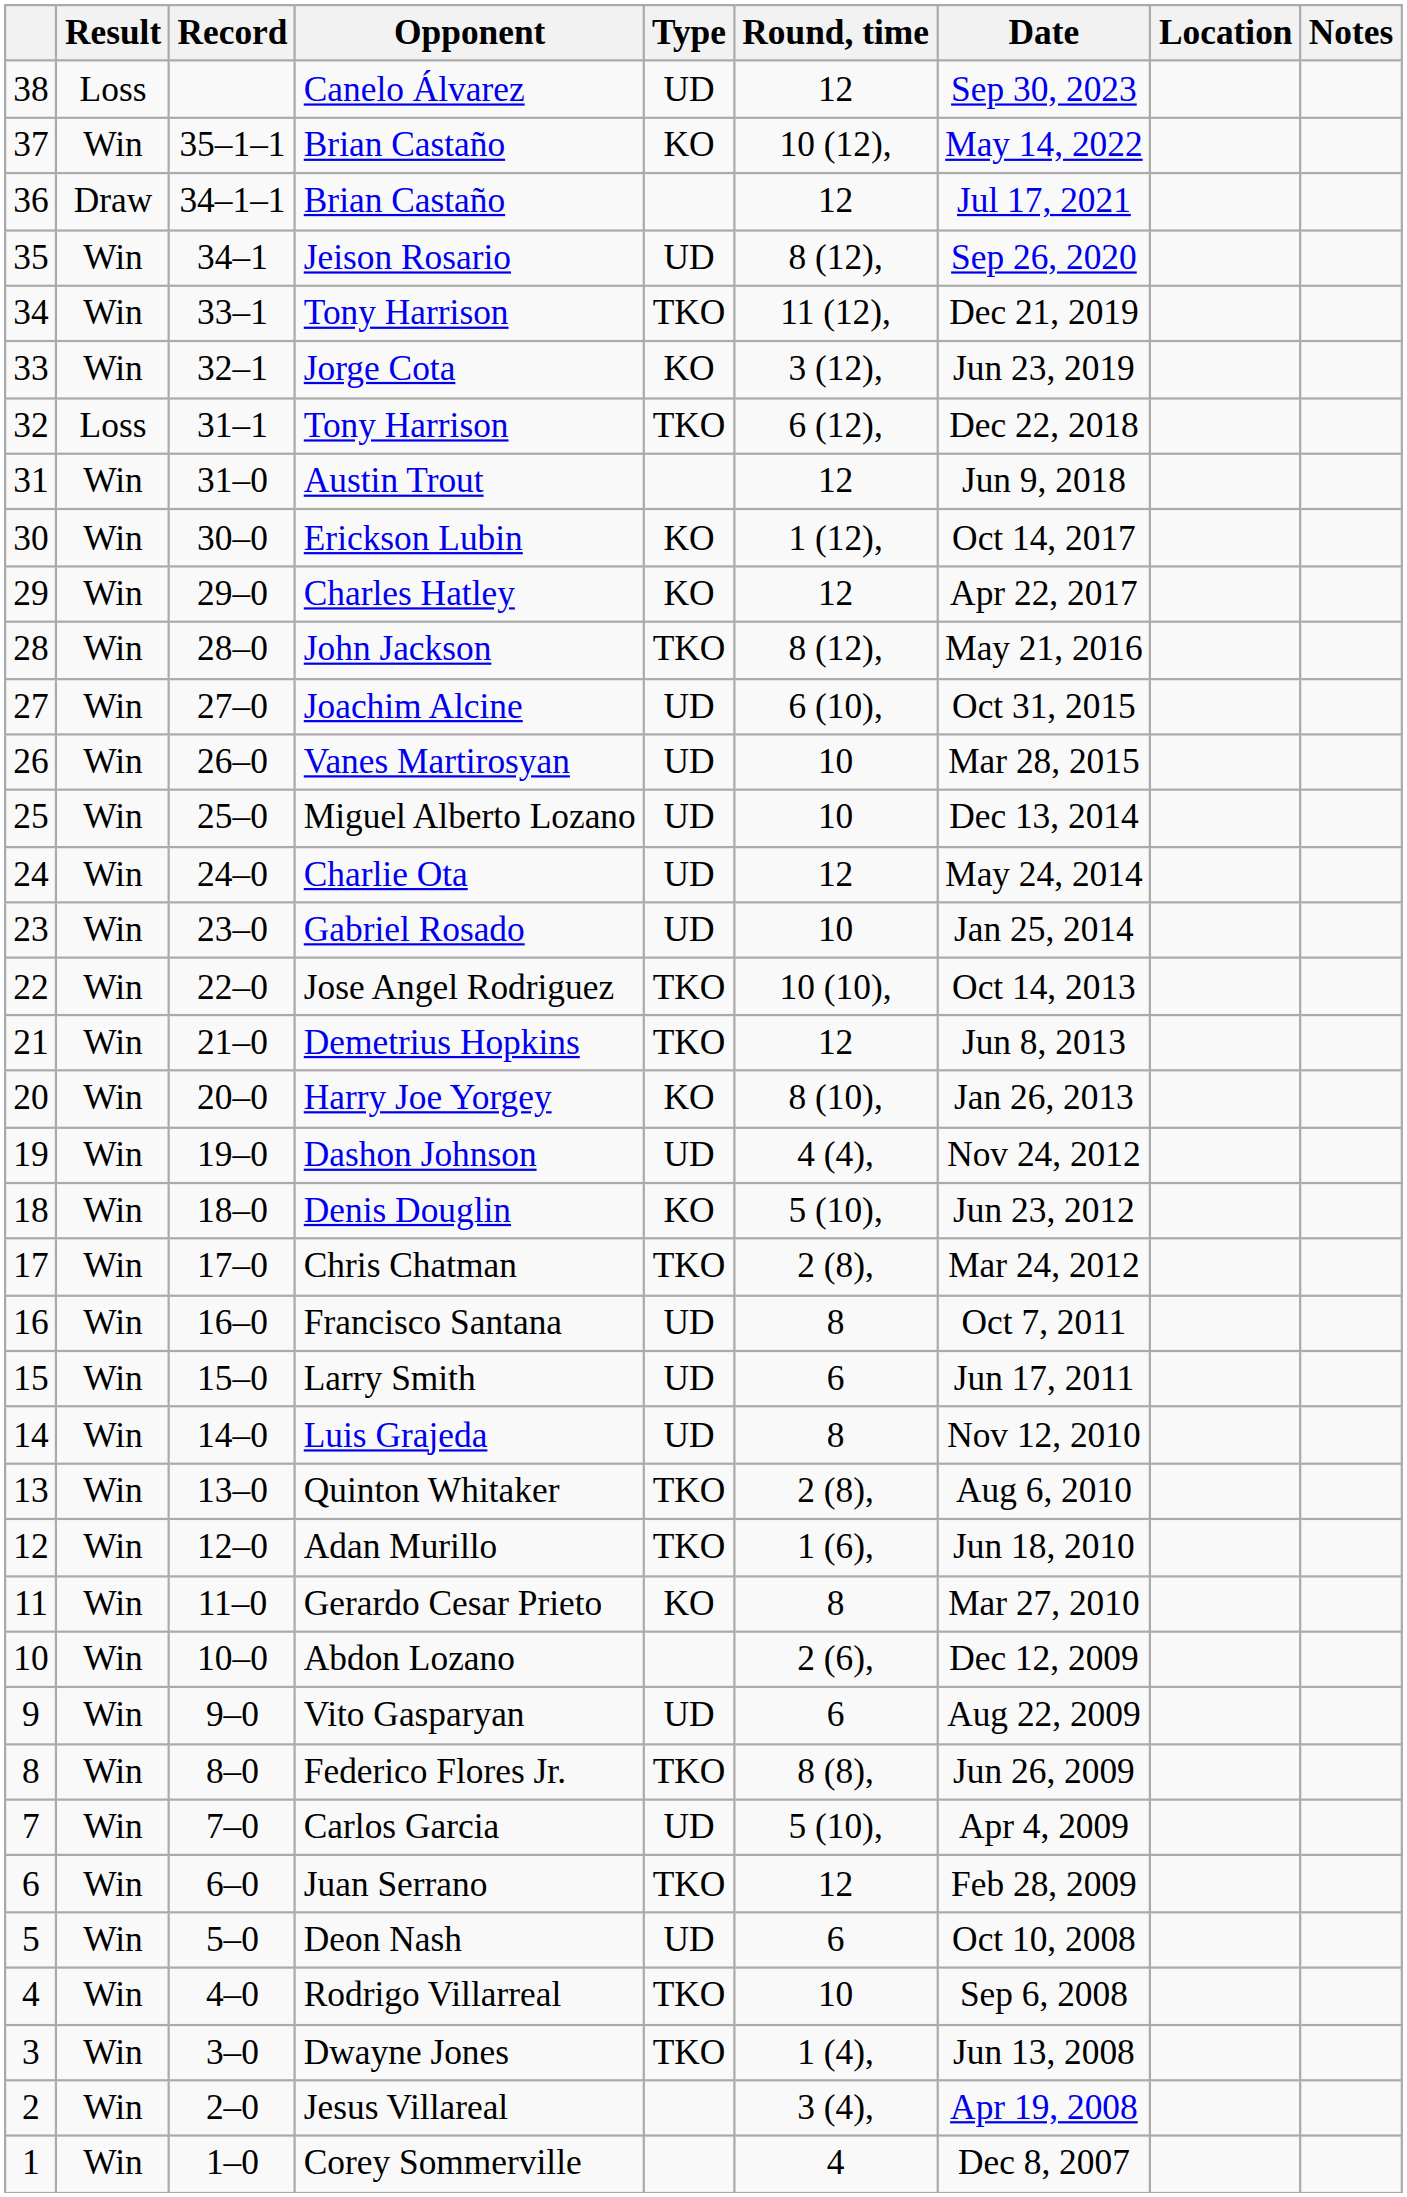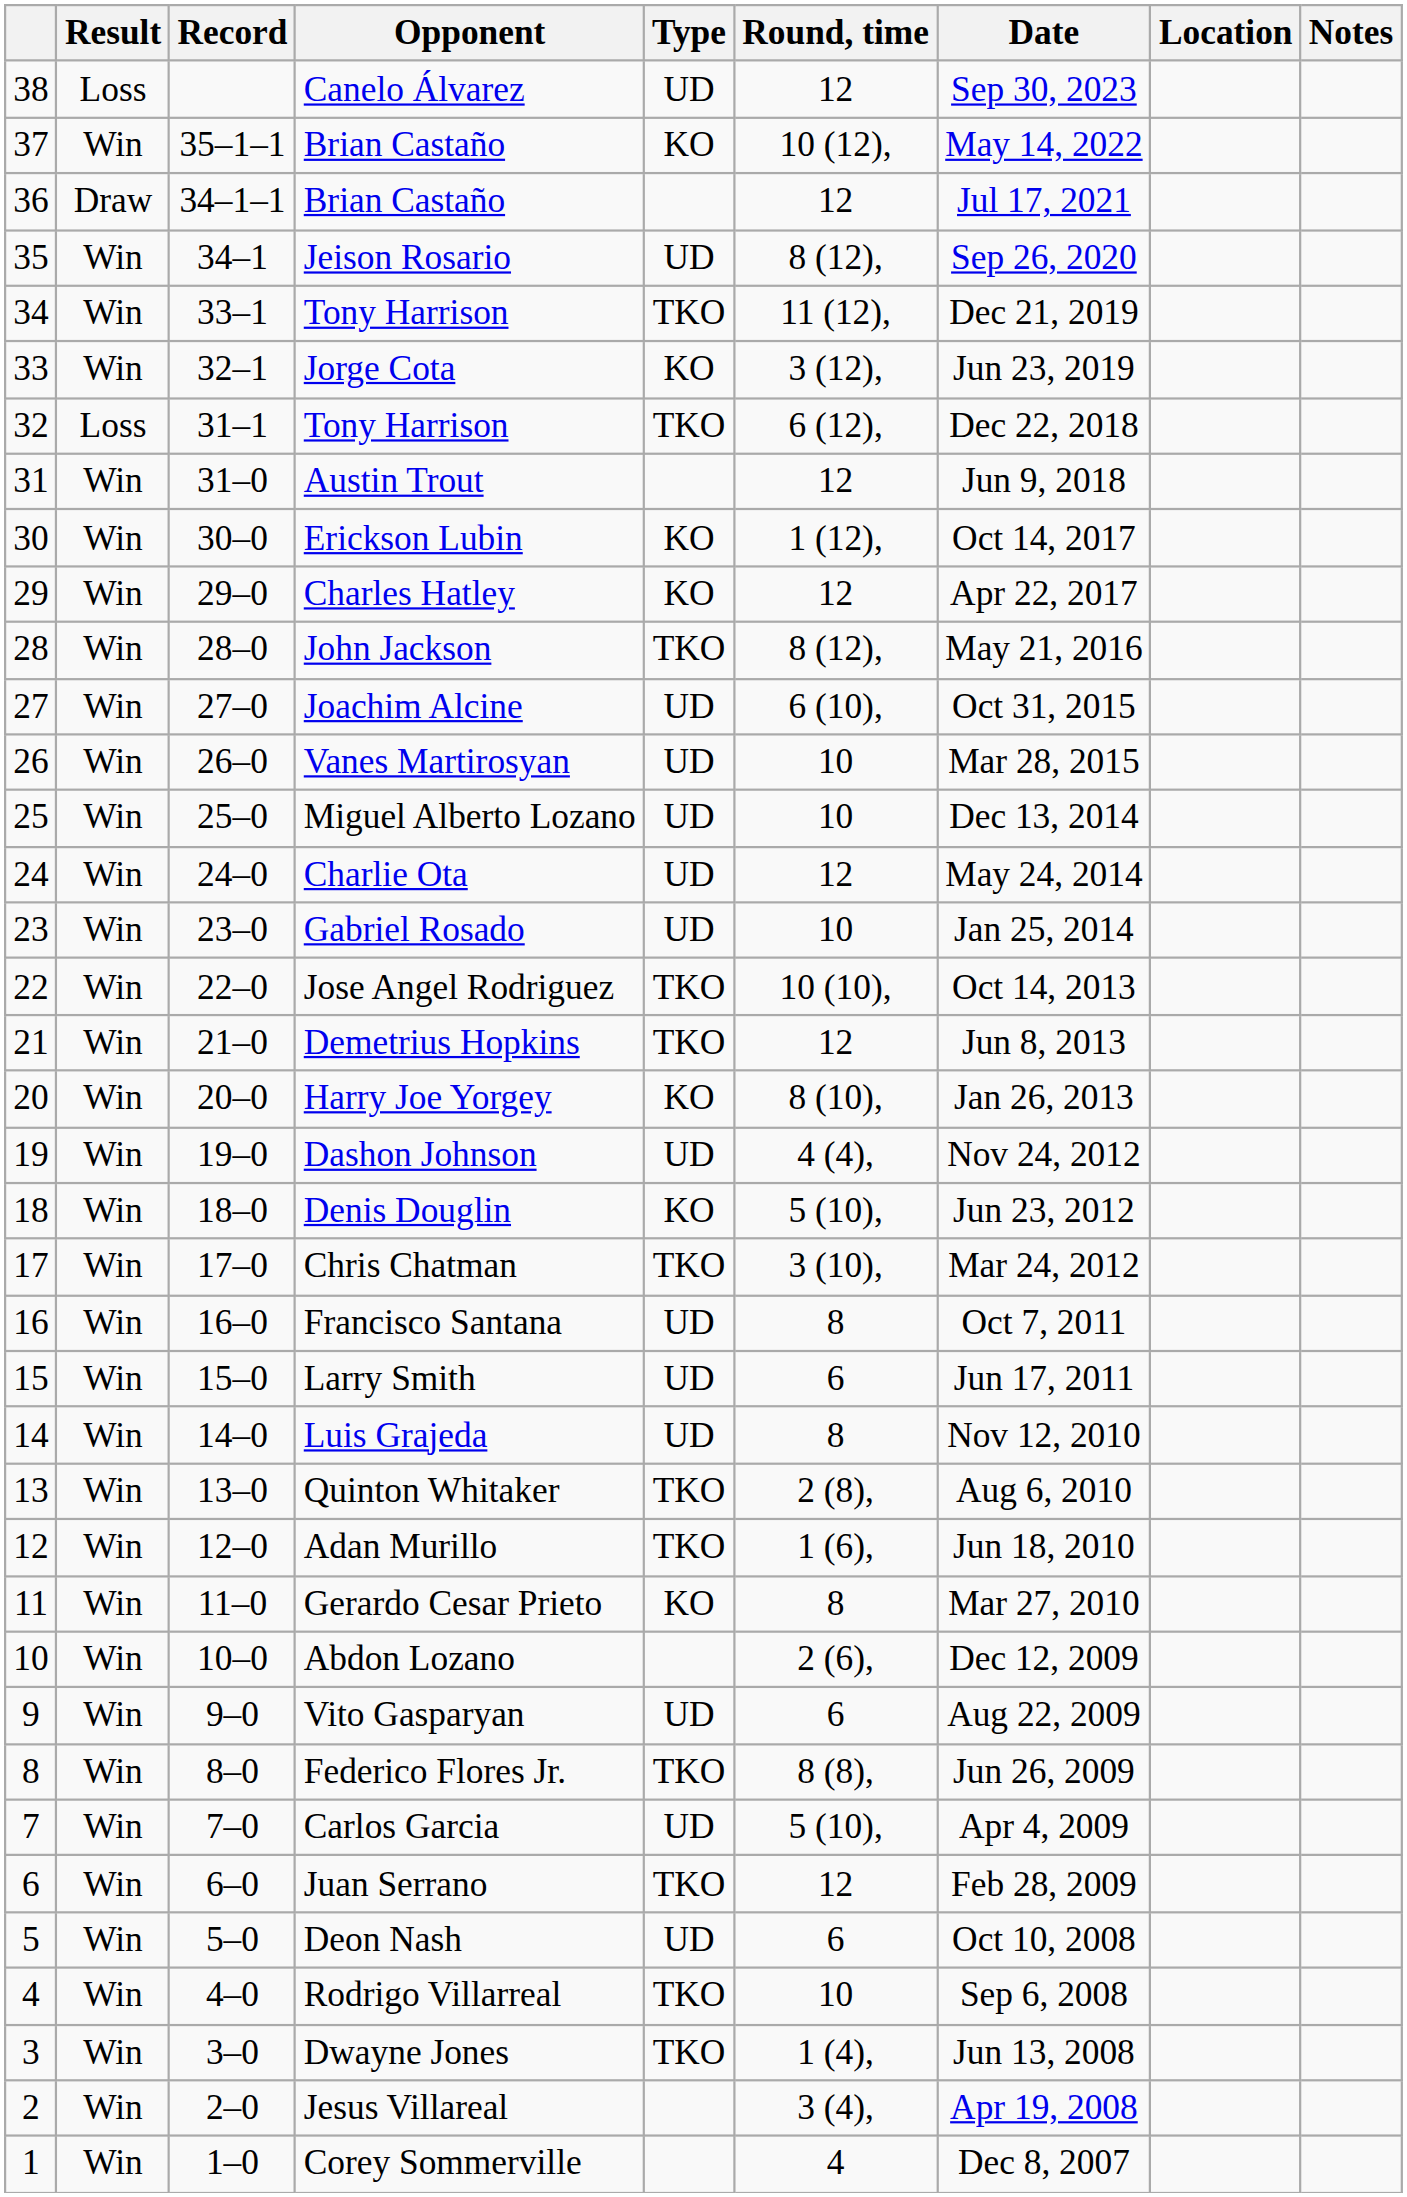 <table class="wikitable" style="text-align:center">
 <tr>
 <th></th>
 <th>Result</th>
 <th>Record</th>
 <th>Opponent</th>
 <th>Type</th>
 <th>Round, time</th>
 <th>Date</th>
 <th>Location</th>
 <th>Notes</th>
 </tr>
 <tr>
 <td>38</td>
 <td>Loss</td>
 <td></td>
 <td style="text-align:left;"><a href='#'>Canelo Álvarez</a></td>
 <td>UD</td>
 <td>12</td>
 <td><a href='#'>Sep 30, 2023</a></td>
 <td style="text-align:left;"></td>
 <td style="text-align:left;"></td>
 </tr>
 <tr>
 <td>37</td>
 <td>Win</td>
 <td>35–1–1</td>
 <td style="text-align:left;"><a href='#'>Brian Castaño</a></td>
 <td>KO</td>
 <td>10 (12), </td>
 <td><a href='#'>May 14, 2022</a></td>
 <td style="text-align:left;"></td>
 <td style="text-align:left;"></td>
 </tr>
 <tr>
 <td>36</td>
 <td>Draw</td>
 <td>34–1–1</td>
 <td style="text-align:left;"><a href='#'>Brian Castaño</a></td>
 <td></td>
 <td>12</td>
 <td><a href='#'>Jul 17, 2021</a></td>
 <td style="text-align:left;"></td>
 <td style="text-align:left;"></td>
 </tr>
 <tr>
 <td>35</td>
 <td>Win</td>
 <td>34–1</td>
 <td style="text-align:left;"><a href='#'>Jeison Rosario</a></td>
 <td>UD</td>
 <td>8 (12), </td>
 <td><a href='#'>Sep 26, 2020</a></td>
 <td style="text-align:left;"></td>
 <td style="text-align:left;"></td>
 </tr>
 <tr>
 <td>34</td>
 <td>Win</td>
 <td>33–1</td>
 <td style="text-align:left;"><a href='#'>Tony Harrison</a></td>
 <td>TKO</td>
 <td>11 (12), </td>
 <td>Dec 21, 2019</td>
 <td style="text-align:left;"></td>
 <td style="text-align:left;"></td>
 </tr>
 <tr>
 <td>33</td>
 <td>Win</td>
 <td>32–1</td>
 <td style="text-align:left;"><a href='#'>Jorge Cota</a></td>
 <td>KO</td>
 <td>3 (12), </td>
 <td>Jun 23, 2019</td>
 <td style="text-align:left;"></td>
 <td></td>
 </tr>
 <tr>
 <td>32</td>
 <td>Loss</td>
 <td>31–1</td>
 <td style="text-align:left;"><a href='#'>Tony Harrison</a></td>
 <td>TKO</td>
 <td>6 (12), </td>
 <td>Dec 22, 2018</td>
 <td style="text-align:left;"></td>
 <td style="text-align:left;"></td>
 </tr>
 <tr>
 <td>31</td>
 <td>Win</td>
 <td>31–0</td>
 <td style="text-align:left;"><a href='#'>Austin Trout</a></td>
 <td></td>
 <td>12</td>
 <td>Jun 9, 2018</td>
 <td style="text-align:left;"></td>
 <td style="text-align:left;"></td>
 </tr>
 <tr>
 <td>30</td>
 <td>Win</td>
 <td>30–0</td>
 <td style="text-align:left;"><a href='#'>Erickson Lubin</a></td>
 <td>KO</td>
 <td>1 (12), </td>
 <td>Oct 14, 2017</td>
 <td style="text-align:left;"></td>
 <td style="text-align:left;"></td>
 </tr>
 <tr>
 <td>29</td>
 <td>Win</td>
 <td>29–0</td>
 <td style="text-align:left;"><a href='#'>Charles Hatley</a></td>
 <td>KO</td>
 <td>12</td>
 <td>Apr 22, 2017</td>
 <td style="text-align:left;"></td>
 <td style="text-align:left;"></td>
 </tr>
 <tr>
 <td>28</td>
 <td>Win</td>
 <td>28–0</td>
 <td style="text-align:left;"><a href='#'>John Jackson</a></td>
 <td>TKO</td>
 <td>8 (12), </td>
 <td>May 21, 2016</td>
 <td style="text-align:left;"></td>
 <td style="text-align:left;"></td>
 </tr>
 <tr>
 <td>27</td>
 <td>Win</td>
 <td>27–0</td>
 <td style="text-align:left;"><a href='#'>Joachim Alcine</a></td>
 <td>UD</td>
 <td>6 (10), </td>
 <td>Oct 31, 2015</td>
 <td style="text-align:left;"></td>
 <td></td>
 </tr>
 <tr>
 <td>26</td>
 <td>Win</td>
 <td>26–0</td>
 <td style="text-align:left;"><a href='#'>Vanes Martirosyan</a></td>
 <td>UD</td>
 <td>10</td>
 <td>Mar 28, 2015</td>
 <td style="text-align:left;"></td>
 <td></td>
 </tr>
 <tr>
 <td>25</td>
 <td>Win</td>
 <td>25–0</td>
 <td style="text-align:left;">Miguel Alberto Lozano</td>
 <td>UD</td>
 <td>10</td>
 <td>Dec 13, 2014</td>
 <td style="text-align:left;"></td>
 <td></td>
 </tr>
 <tr>
 <td>24</td>
 <td>Win</td>
 <td>24–0</td>
 <td style="text-align:left;"><a href='#'>Charlie Ota</a></td>
 <td>UD</td>
 <td>12</td>
 <td>May 24, 2014</td>
 <td style="text-align:left;"></td>
 <td></td>
 </tr>
 <tr>
 <td>23</td>
 <td>Win</td>
 <td>23–0</td>
 <td style="text-align:left;"><a href='#'>Gabriel Rosado</a></td>
 <td>UD</td>
 <td>10</td>
 <td>Jan 25, 2014</td>
 <td style="text-align:left;"></td>
 <td></td>
 </tr>
 <tr>
 <td>22</td>
 <td>Win</td>
 <td>22–0</td>
 <td style="text-align:left;">Jose Angel Rodriguez</td>
 <td>TKO</td>
 <td>10 (10), </td>
 <td>Oct 14, 2013</td>
 <td style="text-align:left;"></td>
 <td></td>
 </tr>
 <tr>
 <td>21</td>
 <td>Win</td>
 <td>21–0</td>
 <td style="text-align:left;"><a href='#'>Demetrius Hopkins</a></td>
 <td>TKO</td>
 <td>12</td>
 <td>Jun 8, 2013</td>
 <td style="text-align:left;"></td>
 <td style="text-align:left;"></td>
 </tr>
 <tr>
 <td>20</td>
 <td>Win</td>
 <td>20–0</td>
 <td style="text-align:left;"><a href='#'>Harry Joe Yorgey</a></td>
 <td>KO</td>
 <td>8 (10), </td>
 <td>Jan 26, 2013</td>
 <td style="text-align:left;"></td>
 <td style="text-align:left;"></td>
 </tr>
 <tr>
 <td>19</td>
 <td>Win</td>
 <td>19–0</td>
 <td style="text-align:left;"><a href='#'>Dashon Johnson</a></td>
 <td>UD</td>
 <td>4 (4), </td>
 <td>Nov 24, 2012</td>
 <td style="text-align:left;"></td>
 <td></td>
 </tr>
 <tr>
 <td>18</td>
 <td>Win</td>
 <td>18–0</td>
 <td style="text-align:left;"><a href='#'>Denis Douglin</a></td>
 <td>KO</td>
 <td>5 (10), </td>
 <td>Jun 23, 2012</td>
 <td style="text-align:left;"></td>
 <td></td>
 </tr>
 <tr>
 <td>17</td>
 <td>Win</td>
 <td>17–0</td>
 <td style="text-align:left;">Chris Chatman</td>
 <td>TKO</td>
-<td>2 (8), </td>
+<td>3 (10), </td>
 <td>Mar 24, 2012</td>
 <td style="text-align:left;"></td>
 <td></td>
 </tr>
 <tr>
 <td>16</td>
 <td>Win</td>
 <td>16–0</td>
 <td style="text-align:left;">Francisco Santana</td>
 <td>UD</td>
 <td>8</td>
 <td>Oct 7, 2011</td>
 <td style="text-align:left;"></td>
 <td></td>
 </tr>
 <tr>
 <td>15</td>
 <td>Win</td>
 <td>15–0</td>
 <td style="text-align:left;">Larry Smith</td>
 <td>UD</td>
 <td>6</td>
 <td>Jun 17, 2011</td>
 <td style="text-align:left;"></td>
 <td></td>
 </tr>
 <tr>
 <td>14</td>
 <td>Win</td>
 <td>14–0</td>
 <td style="text-align:left;"><a href='#'>Luis Grajeda</a></td>
 <td>UD</td>
 <td>8</td>
 <td>Nov 12, 2010</td>
 <td style="text-align:left;"></td>
 <td></td>
 </tr>
 <tr>
 <td>13</td>
 <td>Win</td>
 <td>13–0</td>
 <td style="text-align:left;">Quinton Whitaker</td>
 <td>TKO</td>
 <td>2 (8), </td>
 <td>Aug 6, 2010</td>
 <td style="text-align:left;"></td>
 <td></td>
 </tr>
 <tr>
 <td>12</td>
 <td>Win</td>
 <td>12–0</td>
 <td style="text-align:left;">Adan Murillo</td>
 <td>TKO</td>
 <td>1 (6), </td>
 <td>Jun 18, 2010</td>
 <td style="text-align:left;"></td>
 <td></td>
 </tr>
 <tr>
 <td>11</td>
 <td>Win</td>
 <td>11–0</td>
 <td style="text-align:left;">Gerardo Cesar Prieto</td>
 <td>KO</td>
 <td>8</td>
 <td>Mar 27, 2010</td>
 <td style="text-align:left;"></td>
 <td></td>
 </tr>
 <tr>
 <td>10</td>
 <td>Win</td>
 <td>10–0</td>
 <td style="text-align:left;">Abdon Lozano</td>
 <td></td>
 <td>2 (6), </td>
 <td>Dec 12, 2009</td>
 <td style="text-align:left;"></td>
 <td></td>
 </tr>
 <tr>
 <td>9</td>
 <td>Win</td>
 <td>9–0</td>
 <td style="text-align:left;">Vito Gasparyan</td>
 <td>UD</td>
 <td>6</td>
 <td>Aug 22, 2009</td>
 <td style="text-align:left;"></td>
 <td></td>
 </tr>
 <tr>
 <td>8</td>
 <td>Win</td>
 <td>8–0</td>
 <td style="text-align:left;">Federico Flores Jr.</td>
 <td>TKO</td>
 <td>8 (8), </td>
 <td>Jun 26, 2009</td>
 <td style="text-align:left;"></td>
 <td></td>
 </tr>
 <tr>
 <td>7</td>
 <td>Win</td>
 <td>7–0</td>
 <td style="text-align:left;">Carlos Garcia</td>
 <td>UD</td>
 <td>5 (10), </td>
 <td>Apr 4, 2009</td>
 <td style="text-align:left;"></td>
 <td></td>
 </tr>
 <tr>
 <td>6</td>
 <td>Win</td>
 <td>6–0</td>
 <td style="text-align:left;">Juan Serrano</td>
 <td>TKO</td>
 <td>12</td>
 <td>Feb 28, 2009</td>
 <td style="text-align:left;"></td>
 <td></td>
 </tr>
 <tr>
 <td>5</td>
 <td>Win</td>
 <td>5–0</td>
 <td style="text-align:left;">Deon Nash</td>
 <td>UD</td>
 <td>6</td>
 <td>Oct 10, 2008</td>
 <td style="text-align:left;"></td>
 <td></td>
 </tr>
 <tr>
 <td>4</td>
 <td>Win</td>
 <td>4–0</td>
 <td style="text-align:left;">Rodrigo Villarreal</td>
 <td>TKO</td>
 <td>10</td>
 <td>Sep 6, 2008</td>
 <td style="text-align:left;"></td>
 <td></td>
 </tr>
 <tr>
 <td>3</td>
 <td>Win</td>
 <td>3–0</td>
 <td style="text-align:left;">Dwayne Jones</td>
 <td>TKO</td>
 <td>1 (4), </td>
 <td>Jun 13, 2008</td>
 <td style="text-align:left;"></td>
 <td></td>
 </tr>
 <tr>
 <td>2</td>
 <td>Win</td>
 <td>2–0</td>
 <td style="text-align:left;">Jesus Villareal</td>
 <td></td>
 <td>3 (4), </td>
 <td><a href='#'>Apr 19, 2008</a></td>
 <td style="text-align:left;"></td>
 <td></td>
 </tr>
 <tr>
 <td>1</td>
 <td>Win</td>
 <td>1–0</td>
 <td style="text-align:left;">Corey Sommerville</td>
 <td></td>
 <td>4</td>
 <td>Dec 8, 2007</td>
 <td style="text-align:left;"></td>
 <td></td>
 </tr>
 </table>
